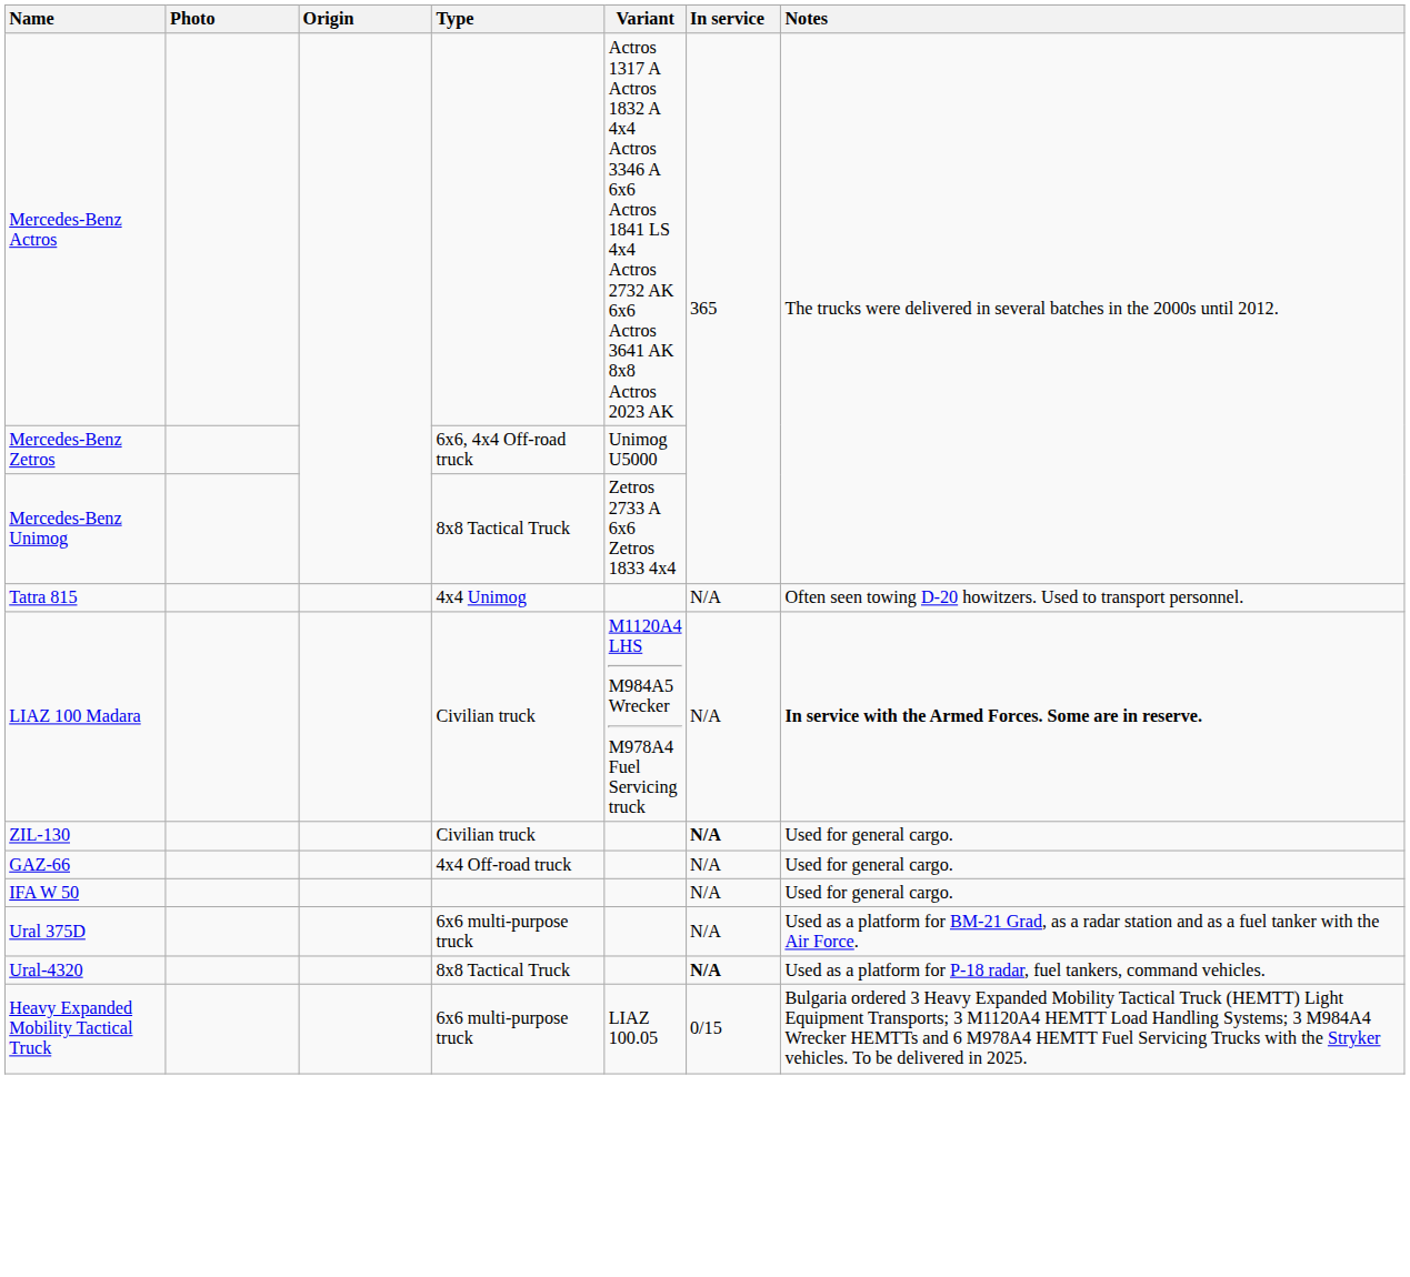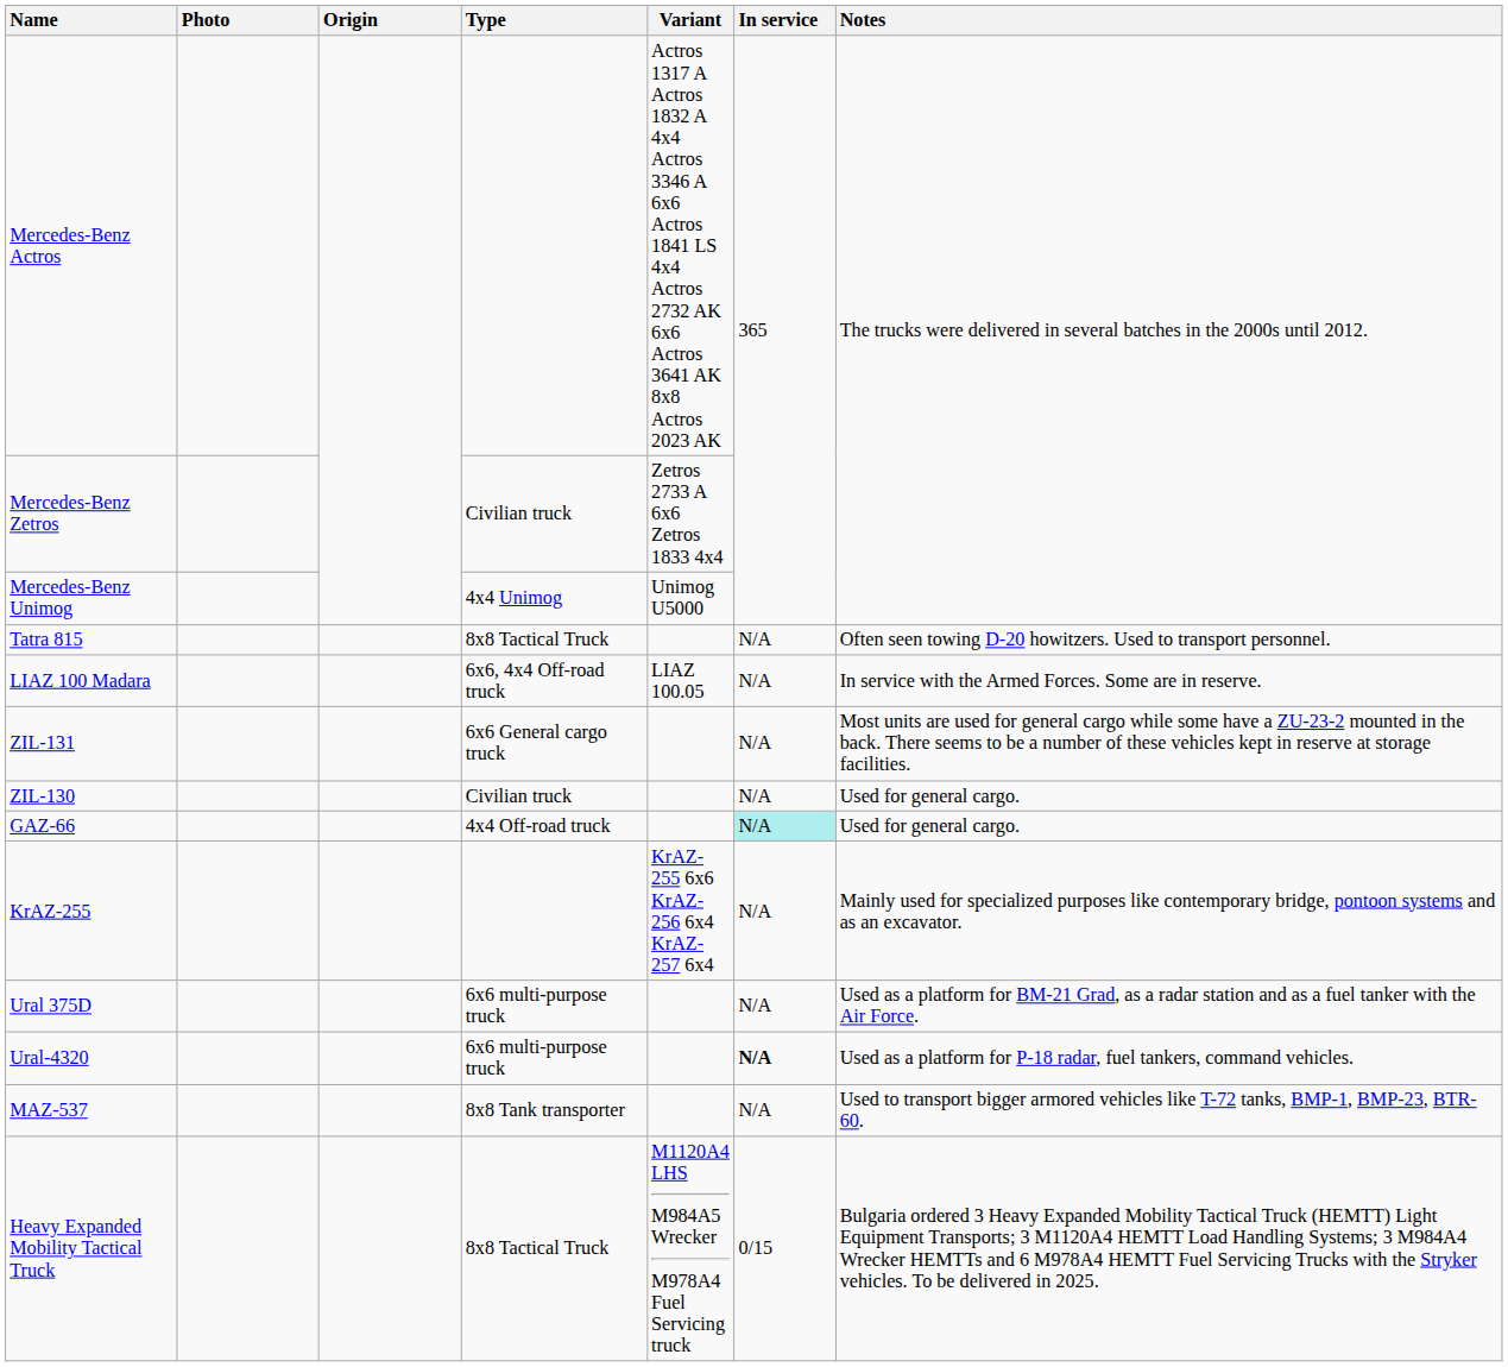 <table class="wikitable sortable">
 <tr>
 <th style="text-align: left; width:12%;">Name</th>
 <th style="text-align: left; width:10%;">Photo</th>
 <th style="text-align: left; width:10%;">Origin</th>
 <th style="text-align: left; width:13%;">Type</th>
 <th>Variant</th>
 <th style="text-align: left; width:7%;">In service</th>
 <th style="text-align: left; width:50%;">Notes</th>
 </tr>
 <tr>
 <td><a href='#'>Mercedes-Benz Actros</a></td>
 <td></td>
 <td rowspan="3"></td>
 <td></td>
 <td>Actros 1317 A<br>Actros 1832 A 4x4  Actros 3346 A 6x6  Actros 1841 LS 4x4  Actros 2732 AK 6x6  Actros 3641 AK 8x8  Actros 2023 AK</td>
 <td rowspan="3">365</td>
 <td rowspan="3">The trucks were delivered in several batches in the 2000s until 2012.</td>
 </tr>
 <tr>
 <td><a href='#'>Mercedes-Benz Zetros</a></td>
 <td></td>
-<td>6x6, 4x4 Off-road truck</td>
-<td>Unimog U5000</td>
+<td>Civilian truck</td>
+<td>Zetros 2733 A 6x6<br>Zetros 1833 4x4</td>
 </tr>
 <tr>
 <td><a href='#'>Mercedes-Benz Unimog</a></td>
 <td></td>
-<td>8x8 Tactical Truck</td>
-<td>Zetros 2733 A 6x6<br>Zetros 1833 4x4</td>
+<td>4x4 <a href='#'>Unimog</a></td>
+<td>Unimog U5000</td>
 </tr>
 <tr>
 <td><a href='#'>Tatra 815</a></td>
 <td></td>
 <td></td>
-<td>4x4 <a href='#'>Unimog</a></td>
+<td>8x8 Tactical Truck</td>
 <td></td>
 <td>N/A</td>
 <td>Often seen towing <a href='#'>D-20</a> howitzers. Used to transport personnel.</td>
 </tr>
 <tr>
 <td><a href='#'>LIAZ 100 Madara</a></td>
 <td></td>
 <td></td>
-<td>Civilian truck</td>
-<td><a href='#'>M1120A4 LHS</a><hr>M984A5 Wrecker<hr>M978A4 Fuel Servicing truck</td>
+<td>6x6, 4x4 Off-road truck</td>
+<td>LIAZ 100.05</td>
 <td>N/A</td>
-<td><strong>In service with the Armed Forces. Some are in reserve.</strong></td>
+<td>In service with the Armed Forces. Some are in reserve.</td>
+</tr>
+<tr>
+<td><a href='#'>ZIL-131</a></td>
+<td></td>
+<td></td>
+<td>6x6 General cargo truck</td>
+<td></td>
+<td>N/A</td>
+<td>Most units are used for general cargo while some have a <a href='#'>ZU-23-2</a> mounted in the back. There seems to be a number of these vehicles kept in reserve at storage facilities.</td>
 </tr>
 <tr>
 <td><a href='#'>ZIL-130</a></td>
 <td></td>
 <td></td>
 <td>Civilian truck</td>
 <td></td>
-<td><strong>N/A</strong></td>
+<td>N/A</td>
 <td>Used for general cargo.</td>
 </tr>
 <tr>
 <td><a href='#'>GAZ-66</a></td>
 <td></td>
 <td></td>
 <td>4x4 Off-road truck</td>
 <td></td>
-<td>N/A</td>
+<td style="background: paleturquoise;">N/A</td>
 <td>Used for general cargo.</td>
 </tr>
 <tr>
-<td><a href='#'>IFA W 50</a></td>
+<td><a href='#'>KrAZ-255</a></td>
 <td></td>
 <td></td>
 <td></td>
-<td></td>
+<td><a href='#'>KrAZ-255</a> 6x6<br><a href='#'>KrAZ-256</a> 6x4  <a href='#'>KrAZ-257</a> 6x4</td>
 <td>N/A</td>
-<td>Used for general cargo.</td>
+<td>Mainly used for specialized purposes like contemporary bridge, <a href='#'>pontoon systems</a> and as an excavator.</td>
 </tr>
 <tr>
 <td><a href='#'>Ural 375D</a></td>
 <td></td>
 <td></td>
 <td>6x6 multi-purpose truck</td>
 <td></td>
 <td>N/A</td>
 <td>Used as a platform for <a href='#'>BM-21 Grad</a>, as a radar station and as a fuel tanker with the <a href='#'>Air Force</a>.</td>
 </tr>
 <tr>
 <td><a href='#'>Ural-4320</a></td>
 <td></td>
 <td></td>
-<td>8x8 Tactical Truck</td>
+<td>6x6 multi-purpose truck</td>
 <td></td>
 <td><strong>N/A</strong></td>
 <td>Used as a platform for <a href='#'>P-18 radar</a>, fuel tankers, command vehicles.</td>
 </tr>
 <tr>
+<td><a href='#'>MAZ-537</a></td>
+<td></td>
+<td></td>
+<td>8x8 Tank transporter</td>
+<td></td>
+<td>N/A</td>
+<td>Used to transport bigger armored vehicles like <a href='#'>T-72</a> tanks, <a href='#'>BMP-1</a>, <a href='#'>BMP-23</a>, <a href='#'>BTR-60</a>.</td>
+</tr>
+<tr>
 <td><a href='#'>Heavy Expanded Mobility Tactical Truck</a></td>
 <td></td>
 <td></td>
-<td>6x6 multi-purpose truck</td>
-<td>LIAZ 100.05</td>
+<td>8x8 Tactical Truck</td>
+<td><a href='#'>M1120A4 LHS</a><hr>M984A5 Wrecker<hr>M978A4 Fuel Servicing truck</td>
 <td>0/15</td>
 <td>Bulgaria ordered 3 Heavy Expanded Mobility Tactical Truck (HEMTT) Light Equipment Transports; 3 M1120A4 HEMTT Load Handling Systems; 3 M984A4 Wrecker HEMTTs and 6 M978A4 HEMTT Fuel Servicing Trucks with the <a href='#'>Stryker</a> vehicles. To be delivered in 2025.</td>
 </tr>
 </table>
